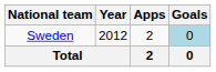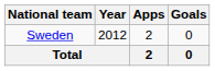 <table class="wikitable" style="text-align:center;">
 <tr>
 <th>National team</th>
 <th>Year</th>
 <th>Apps</th>
 <th>Goals</th>
 </tr>
 <tr>
 <td rowspan="1"><a href='#'>Sweden</a></td>
 <td>2012</td>
 <td>2</td>
-<td style="background: lightblue;">0</td>
+<td>0</td>
 </tr>
 <tr>
 <th colspan=2>Total</th>
 <th>2</th>
 <th>0</th>
 </tr>
 </table>
